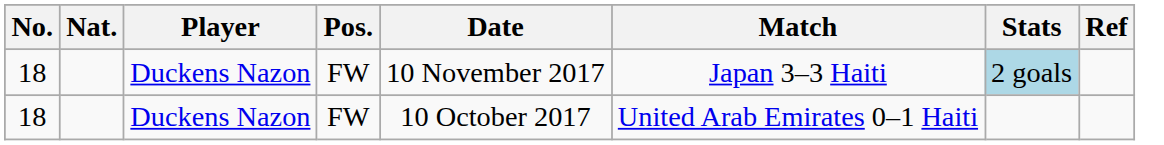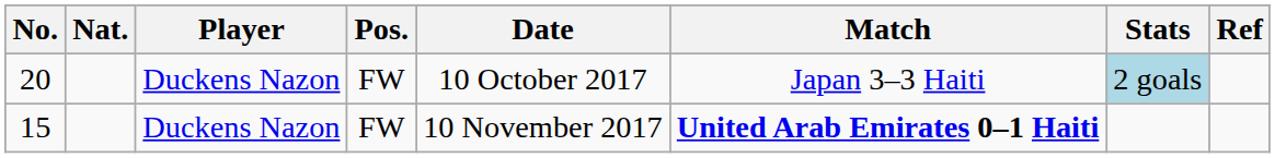 <table class="wikitable sortable alternance" style="text-align:center">
 <tr>
 <th>No.</th>
 <th>Nat.</th>
 <th>Player</th>
 <th>Pos.</th>
 <th>Date</th>
 <th>Match</th>
 <th>Stats</th>
 <th>Ref</th>
 </tr>
 <tr>
-<td>18</td>
+<td>20</td>
 <td></td>
 <td><a href='#'>Duckens Nazon</a></td>
 <td>FW</td>
-<td>10 November 2017</td>
+<td>10 October 2017</td>
 <td><a href='#'>Japan</a> 3–3 <a href='#'>Haiti</a></td>
 <td style="background: lightblue;">2 goals</td>
 <td></td>
 </tr>
 <tr>
-<td>18</td>
+<td>15</td>
 <td></td>
 <td><a href='#'>Duckens Nazon</a></td>
 <td>FW</td>
-<td>10 October 2017</td>
-<td><a href='#'>United Arab Emirates</a> 0–1 <a href='#'>Haiti</a></td>
+<td>10 November 2017</td>
+<td><strong><a href='#'>United Arab Emirates</a> 0–1 <a href='#'>Haiti</a></strong></td>
 <td></td>
 <td></td>
 </tr>
 </table>
